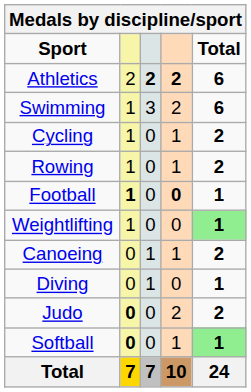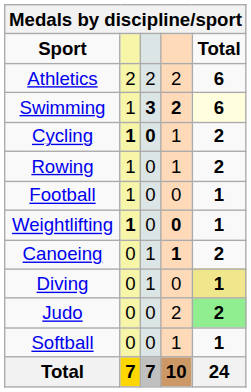 <table class="wikitable" style="font-size:85%">
 <tr style="background:#efefef;">
 <th colspan=7><strong>Medals by discipline/sport</strong></th>
 </tr>
 <tr align=center>
 <td><strong>Sport</strong></td>
 <td bgcolor=#f7f6a8></td>
 <td bgcolor=#dce5e5></td>
 <td bgcolor=#ffdab9></td>
 <td><strong>Total</strong></td>
 </tr>
 <tr align=center>
 <td><a href='#'>Athletics</a></td>
 <td style="background:#F7F6A8;">2</td>
-<td style="background:#DCE5E5;"><strong>2</strong></td>
-<td style="background:#FFDAB9;"><strong>2</strong></td>
+<td style="background:#DCE5E5;">2</td>
+<td style="background:#FFDAB9;">2</td>
 <td><strong>6</strong></td>
 </tr>
 <tr align=center>
 <td><a href='#'>Swimming</a></td>
 <td style="background:#F7F6A8;">1</td>
-<td style="background:#DCE5E5;">3</td>
-<td style="background:#FFDAB9;">2</td>
-<td><strong>6</strong></td>
+<td style="background:#DCE5E5;"><strong>3</strong></td>
+<td style="background:#FFDAB9;"><strong>2</strong></td>
+<td style="background: lightyellow;"><strong>6</strong></td>
 </tr>
 <tr align=center>
 <td><a href='#'>Cycling</a></td>
-<td style="background:#F7F6A8;">1</td>
-<td style="background:#DCE5E5;">0</td>
+<td style="background:#F7F6A8;"><strong>1</strong></td>
+<td style="background:#DCE5E5;"><strong>0</strong></td>
 <td style="background:#FFDAB9;">1</td>
 <td><strong>2</strong></td>
 </tr>
 <tr align=center>
 <td><a href='#'>Rowing</a></td>
 <td style="background:#F7F6A8;">1</td>
 <td style="background:#DCE5E5;">0</td>
 <td style="background:#FFDAB9;">1</td>
 <td><strong>2</strong></td>
 </tr>
 <tr align=center>
 <td><a href='#'>Football</a></td>
+<td style="background:#F7F6A8;">1</td>
+<td style="background:#DCE5E5;">0</td>
+<td style="background:#FFDAB9;">0</td>
+<td><strong>1</strong></td>
+</tr>
+<tr align=center>
+<td><a href='#'>Weightlifting</a></td>
 <td style="background:#F7F6A8;"><strong>1</strong></td>
 <td style="background:#DCE5E5;">0</td>
 <td style="background:#FFDAB9;"><strong>0</strong></td>
 <td><strong>1</strong></td>
 </tr>
 <tr align=center>
-<td><a href='#'>Weightlifting</a></td>
-<td style="background:#F7F6A8;">1</td>
-<td style="background:#DCE5E5;">0</td>
-<td style="background:#FFDAB9;">0</td>
-<td style="background: lightgreen;"><strong>1</strong></td>
-</tr>
-<tr align=center>
 <td><a href='#'>Canoeing</a></td>
 <td style="background:#F7F6A8;">0</td>
 <td style="background:#DCE5E5;">1</td>
-<td style="background:#FFDAB9;">1</td>
+<td style="background:#FFDAB9;"><strong>1</strong></td>
 <td><strong>2</strong></td>
 </tr>
 <tr align=center>
 <td><a href='#'>Diving</a></td>
 <td style="background:#F7F6A8;">0</td>
 <td style="background:#DCE5E5;">1</td>
 <td style="background:#FFDAB9;">0</td>
-<td><strong>1</strong></td>
+<td style="background: khaki;"><strong>1</strong></td>
 </tr>
 <tr align=center>
 <td><a href='#'>Judo</a></td>
-<td style="background:#F7F6A8;"><strong>0</strong></td>
+<td style="background:#F7F6A8;">0</td>
 <td style="background:#DCE5E5;">0</td>
 <td style="background:#FFDAB9;">2</td>
-<td><strong>2</strong></td>
+<td style="background: lightgreen;"><strong>2</strong></td>
 </tr>
 <tr align=center>
 <td><a href='#'>Softball</a></td>
-<td style="background:#F7F6A8;"><strong>0</strong></td>
+<td style="background:#F7F6A8;">0</td>
 <td style="background:#DCE5E5;">0</td>
 <td style="background:#FFDAB9;">1</td>
-<td style="background: lightgreen;"><strong>1</strong></td>
+<td><strong>1</strong></td>
 </tr>
 <tr align=center>
 <th><strong>Total</strong></th>
 <th style="background:gold;"><strong>7</strong></th>
 <th style="background:silver;"><strong>7</strong></th>
 <th style="background:#c96;"><strong>10</strong></th>
 <th><strong>24</strong></th>
 </tr>
 </table>
